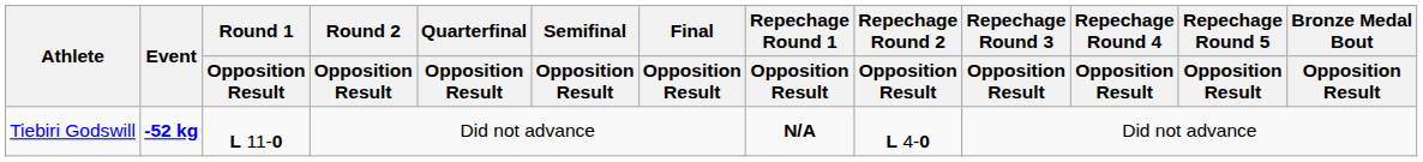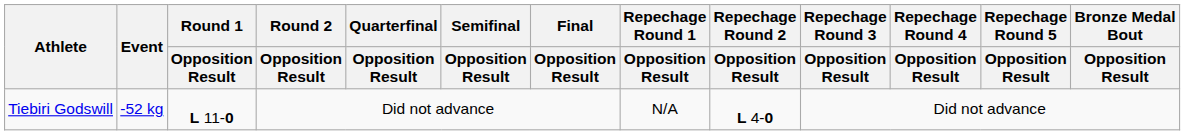 <table class=wikitable style=font-size:90%>
 <tr>
 <th rowspan=2>Athlete</th>
 <th rowspan=2>Event</th>
 <th>Round 1</th>
 <th>Round 2</th>
 <th>Quarterfinal</th>
 <th>Semifinal</th>
 <th>Final</th>
 <th>Repechage<br>Round 1</th>
 <th>Repechage<br>Round 2</th>
 <th>Repechage<br>Round 3</th>
 <th>Repechage<br>Round 4</th>
 <th>Repechage<br>Round 5</th>
 <th>Bronze Medal<br>Bout</th>
 </tr>
 <tr>
 <th>Opposition<br>Result</th>
 <th>Opposition<br>Result</th>
 <th>Opposition<br>Result</th>
 <th>Opposition<br>Result</th>
 <th>Opposition<br>Result</th>
 <th>Opposition<br>Result</th>
 <th>Opposition<br>Result</th>
 <th>Opposition<br>Result</th>
 <th>Opposition<br>Result</th>
 <th>Opposition<br>Result</th>
 <th>Opposition<br>Result</th>
 </tr>
 <tr>
 <td><a href='#'>Tiebiri Godswill</a></td>
-<td><strong><a href='#'>-52 kg</a></strong></td>
+<td><a href='#'>-52 kg</a></td>
 <td align=center><br><strong>L</strong> 11-<strong>0</strong></td>
 <td align=center colspan=4>Did not advance</td>
-<td align=center><strong>N/A</strong></td>
+<td align=center>N/A</td>
 <td align=center><br><strong>L</strong> 4-<strong>0</strong></td>
 <td align=center colspan=4>Did not advance</td>
 </tr>
 </table>
